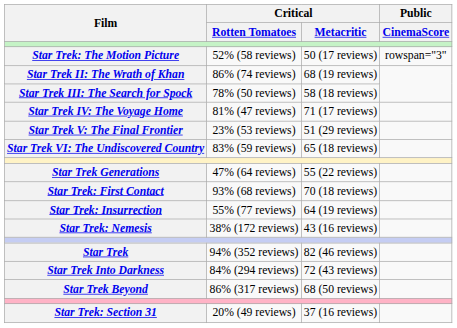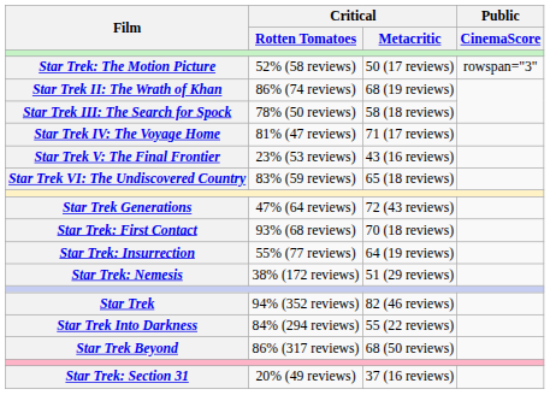 <table class="wikitable sortable plainrowheaders" style="text-align:center;">
 <tr>
 <th scope="col" rowspan="2">Film</th>
 <th scope="col" colspan="2">Critical</th>
 <th colspan="2" scope="col">Public</th>
 </tr>
 <tr>
 <th scope="col"><a href='#'>Rotten Tomatoes</a></th>
 <th scope="col"><a href='#'>Metacritic</a></th>
 <th scope="col"><a href='#'>CinemaScore</a></th>
 </tr>
 <tr>
 <td colspan="4" style="background:#c5f3c6;"></td>
 </tr>
 <tr>
 <th scope="row"><em><a href='#'>Star Trek: The Motion Picture</a></em></th>
 <td>52% (58 reviews)</td>
 <td>50 (17 reviews)</td>
 <td>rowspan="3" </td>
 </tr>
 <tr>
 <th scope="row"><em><a href='#'>Star Trek II: The Wrath of Khan</a></em></th>
 <td>86% (74 reviews)</td>
 <td>68 (19 reviews)</td>
 </tr>
 <tr>
 <th scope="row"><em><a href='#'>Star Trek III: The Search for Spock</a></em></th>
 <td>78% (50 reviews)</td>
 <td>58 (18 reviews)</td>
 </tr>
 <tr>
 <th scope="row"><em><a href='#'>Star Trek IV: The Voyage Home</a></em></th>
 <td>81% (47 reviews)</td>
 <td>71 (17 reviews)</td>
 <td></td>
 </tr>
 <tr>
 <th scope="row"><em><a href='#'>Star Trek V: The Final Frontier</a></em></th>
 <td>23% (53 reviews)</td>
-<td>51 (29 reviews)</td>
+<td>43 (16 reviews)</td>
 <td></td>
 </tr>
 <tr>
 <th scope="row"><em><a href='#'>Star Trek VI: The Undiscovered Country</a></em></th>
 <td>83% (59 reviews)</td>
 <td>65 (18 reviews)</td>
 <td></td>
 </tr>
 <tr>
 <td colspan="4" style="background:#fff3c6;"></td>
 </tr>
 <tr>
 <th scope="row"><em><a href='#'>Star Trek Generations</a></em></th>
 <td>47% (64 reviews)</td>
-<td>55 (22 reviews)</td>
+<td>72 (43 reviews)</td>
 <td></td>
 </tr>
 <tr>
 <th scope="row"><em><a href='#'>Star Trek: First Contact</a></em></th>
 <td>93% (68 reviews)</td>
 <td>70 (18 reviews)</td>
 <td></td>
 </tr>
 <tr>
 <th scope="row"><em><a href='#'>Star Trek: Insurrection</a></em></th>
 <td>55% (77 reviews)</td>
 <td>64 (19 reviews)</td>
 <td></td>
 </tr>
 <tr>
 <th scope="row"><em><a href='#'>Star Trek: Nemesis</a></em></th>
 <td>38% (172 reviews)</td>
-<td>43 (16 reviews)</td>
+<td>51 (29 reviews)</td>
 <td></td>
 </tr>
 <tr>
 <td colspan="4" style="background:#c5cdf3;"></td>
 </tr>
 <tr>
 <th scope="row"><em><a href='#'>Star Trek</a></em></th>
 <td>94% (352 reviews)</td>
 <td>82 (46 reviews)</td>
 <td></td>
 </tr>
 <tr>
 <th scope="row"><em><a href='#'>Star Trek Into Darkness</a></em></th>
 <td>84% (294 reviews)</td>
-<td>72 (43 reviews)</td>
+<td>55 (22 reviews)</td>
 <td></td>
 </tr>
 <tr>
 <th scope="row"><em><a href='#'>Star Trek Beyond</a></em></th>
 <td>86% (317 reviews)</td>
 <td>68 (50 reviews)</td>
 <td></td>
 </tr>
 <tr>
 <td colspan="4" style="background:#ffb3c6;"></td>
 </tr>
 <tr>
 <th scope="row"><em><a href='#'>Star Trek: Section 31</a></em></th>
 <td>20% (49 reviews)</td>
 <td>37 (16 reviews)</td>
 <td></td>
 </tr>
 </table>
